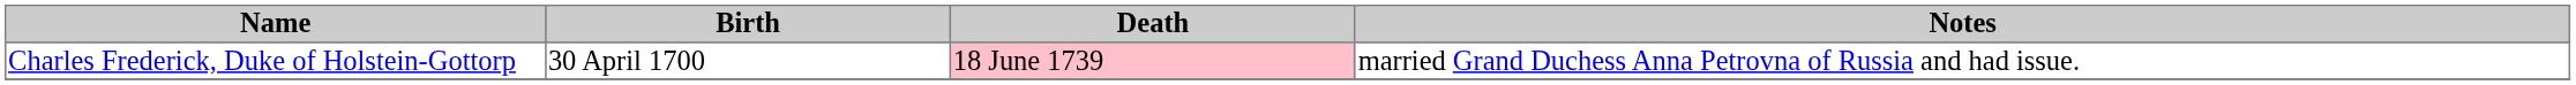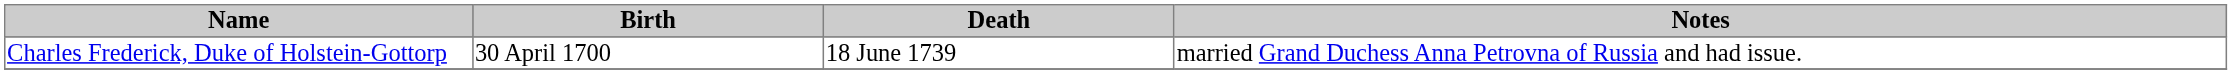 <table border=1 style="border-collapse: collapse;">
 <tr bgcolor=cccccc>
 <th width="20%">Name</th>
 <th width="15%">Birth</th>
 <th width="15%">Death</th>
 <th width="45%">Notes</th>
 </tr>
 <tr>
 <td><a href='#'>Charles Frederick, Duke of Holstein-Gottorp</a></td>
 <td>30 April 1700</td>
-<td style="background: pink;">18 June 1739</td>
+<td>18 June 1739</td>
 <td>married <a href='#'>Grand Duchess Anna Petrovna of Russia</a> and had issue.</td>
 </tr>
 <tr>
 </tr>
 </table>
